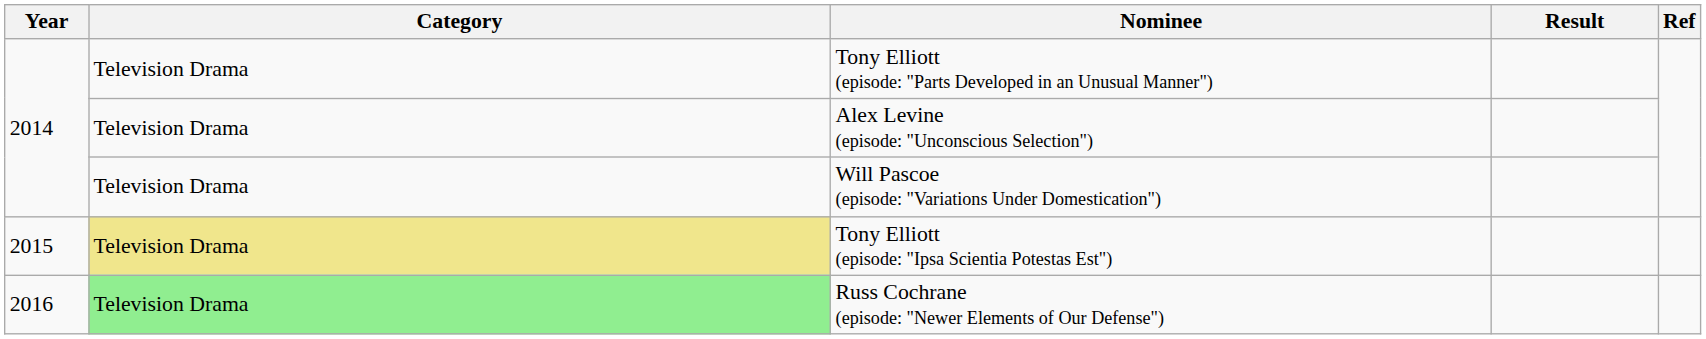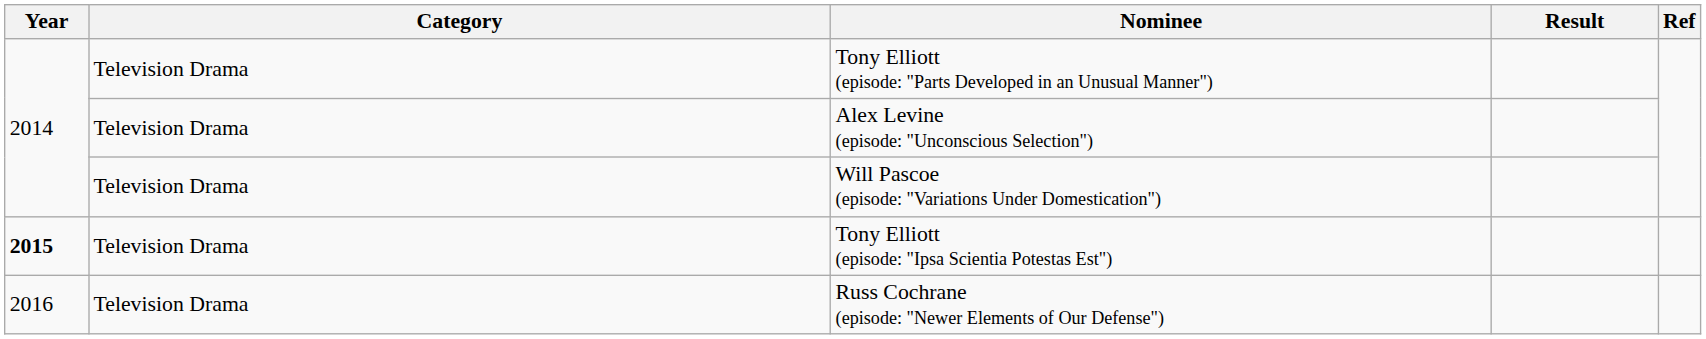 <table class="wikitable">
 <tr>
 <th width=5%>Year</th>
 <th width=45%>Category</th>
 <th width=40%>Nominee</th>
 <th width=10%>Result</th>
 <th width=3%>Ref</th>
 </tr>
 <tr>
 <td rowspan=3>2014</td>
 <td>Television Drama</td>
 <td>Tony Elliott<br><small>(episode: "Parts Developed in an Unusual Manner")</small></td>
 <td></td>
 <td rowspan=3></td>
 </tr>
 <tr>
 <td>Television Drama</td>
 <td>Alex Levine<br><small>(episode: "Unconscious Selection")</small></td>
 <td></td>
 </tr>
 <tr>
 <td>Television Drama</td>
 <td>Will Pascoe<br><small>(episode: "Variations Under Domestication")</small></td>
 <td></td>
 </tr>
 <tr>
-<td>2015</td>
-<td style="background: khaki;">Television Drama</td>
+<td><strong>2015</strong></td>
+<td>Television Drama</td>
 <td>Tony Elliott<br><small>(episode: "Ipsa Scientia Potestas Est")</small></td>
 <td></td>
 <td></td>
 </tr>
 <tr>
 <td>2016</td>
-<td style="background: lightgreen;">Television Drama</td>
+<td>Television Drama</td>
 <td>Russ Cochrane<br><small>(episode: "Newer Elements of Our Defense")</small></td>
 <td></td>
 <td></td>
 </tr>
 </table>
